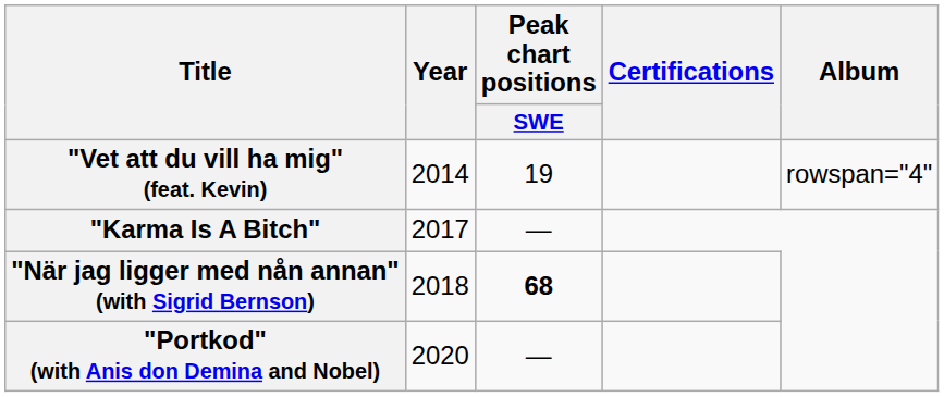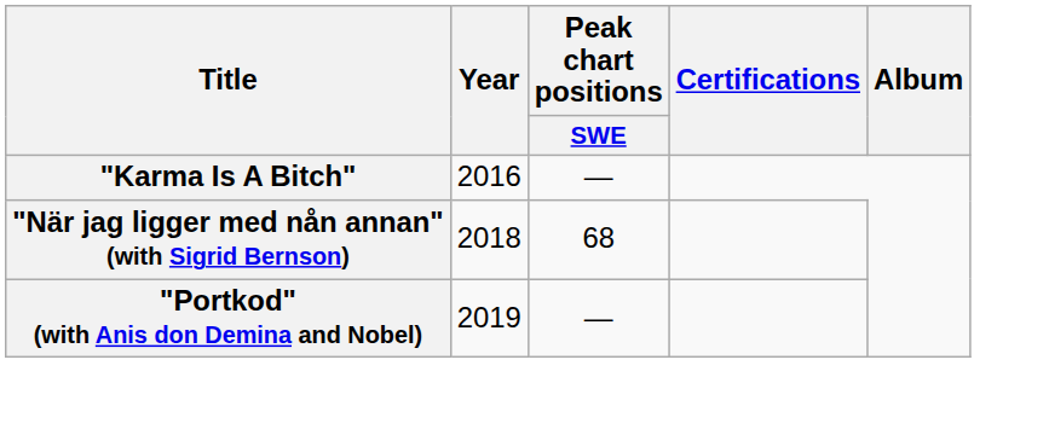 <table class="wikitable plainrowheaders" style="text-align:center;">
 <tr>
 <th scope="col" rowspan="2">Title</th>
 <th scope="col" rowspan="2">Year</th>
 <th scope="col" colspan="1">Peak chart positions</th>
 <th scope="col" rowspan="2"><a href='#'>Certifications</a></th>
 <th scope="col" rowspan="2">Album</th>
 </tr>
 <tr>
 <th scope="col" style="width:3em;font-size:85%;"><a href='#'>SWE</a><br></th>
 </tr>
 <tr>
-<th scope="row">"Vet att du vill ha mig"<br><small>(feat. Kevin)</small></th>
-<td>2014</td>
-<td>19<br></td>
-<td></td>
-<td>rowspan="4" </td>
-</tr>
-<tr>
 <th scope="row">"Karma Is A Bitch"</th>
-<td>2017</td>
+<td>2016</td>
 <td>—</td>
 </tr>
 <tr>
 <th scope="row">"När jag ligger med nån annan"<br><small>(with <a href='#'>Sigrid Bernson</a>)</small></th>
 <td>2018</td>
-<td><strong>68<br></strong></td>
+<td>68<br></td>
 <td></td>
 </tr>
 <tr>
 <th scope="row">"Portkod"<br><small>(with <a href='#'>Anis don Demina</a> and Nobel)</small></th>
-<td>2020</td>
+<td>2019</td>
 <td>—</td>
 <td></td>
 </tr>
 </table>
